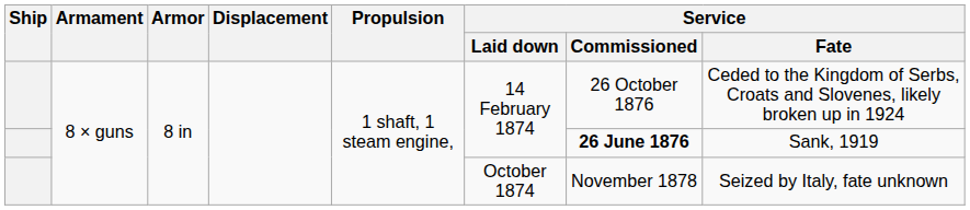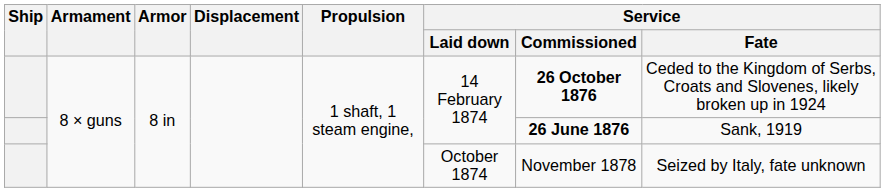 <table class="wikitable plainrowheaders" style="text-align: center;">
 <tr valign="top">
 <th scope="col" rowspan="2">Ship</th>
 <th scope="col" rowspan="2">Armament</th>
 <th scope="col" rowspan="2">Armor</th>
 <th scope="col" rowspan="2">Displacement</th>
 <th scope="col" rowspan="2">Propulsion</th>
 <th scope="col" colspan="3">Service</th>
 </tr>
 <tr valign="top">
 <th scope="col">Laid down</th>
 <th scope="col">Commissioned</th>
 <th scope="col">Fate</th>
 </tr>
 <tr valign="center">
 <th scope="row"></th>
 <td rowspan="3">8 ×  guns</td>
 <td rowspan="3">8 in</td>
 <td rowspan="3"></td>
 <td rowspan="3">1 shaft, 1 steam engine, </td>
 <td rowspan="2">14 February 1874</td>
-<td>26 October 1876</td>
+<td><strong>26 October 1876</strong></td>
 <td>Ceded to the Kingdom of Serbs, Croats and Slovenes, likely broken up in 1924</td>
 </tr>
 <tr valign="center">
 <th scope="row"></th>
 <td><strong>26 June 1876</strong></td>
 <td>Sank, 1919</td>
 </tr>
 <tr valign="center">
 <th scope="row"></th>
 <td>October 1874</td>
 <td>November 1878</td>
 <td>Seized by Italy, fate unknown</td>
 </tr>
 </table>
